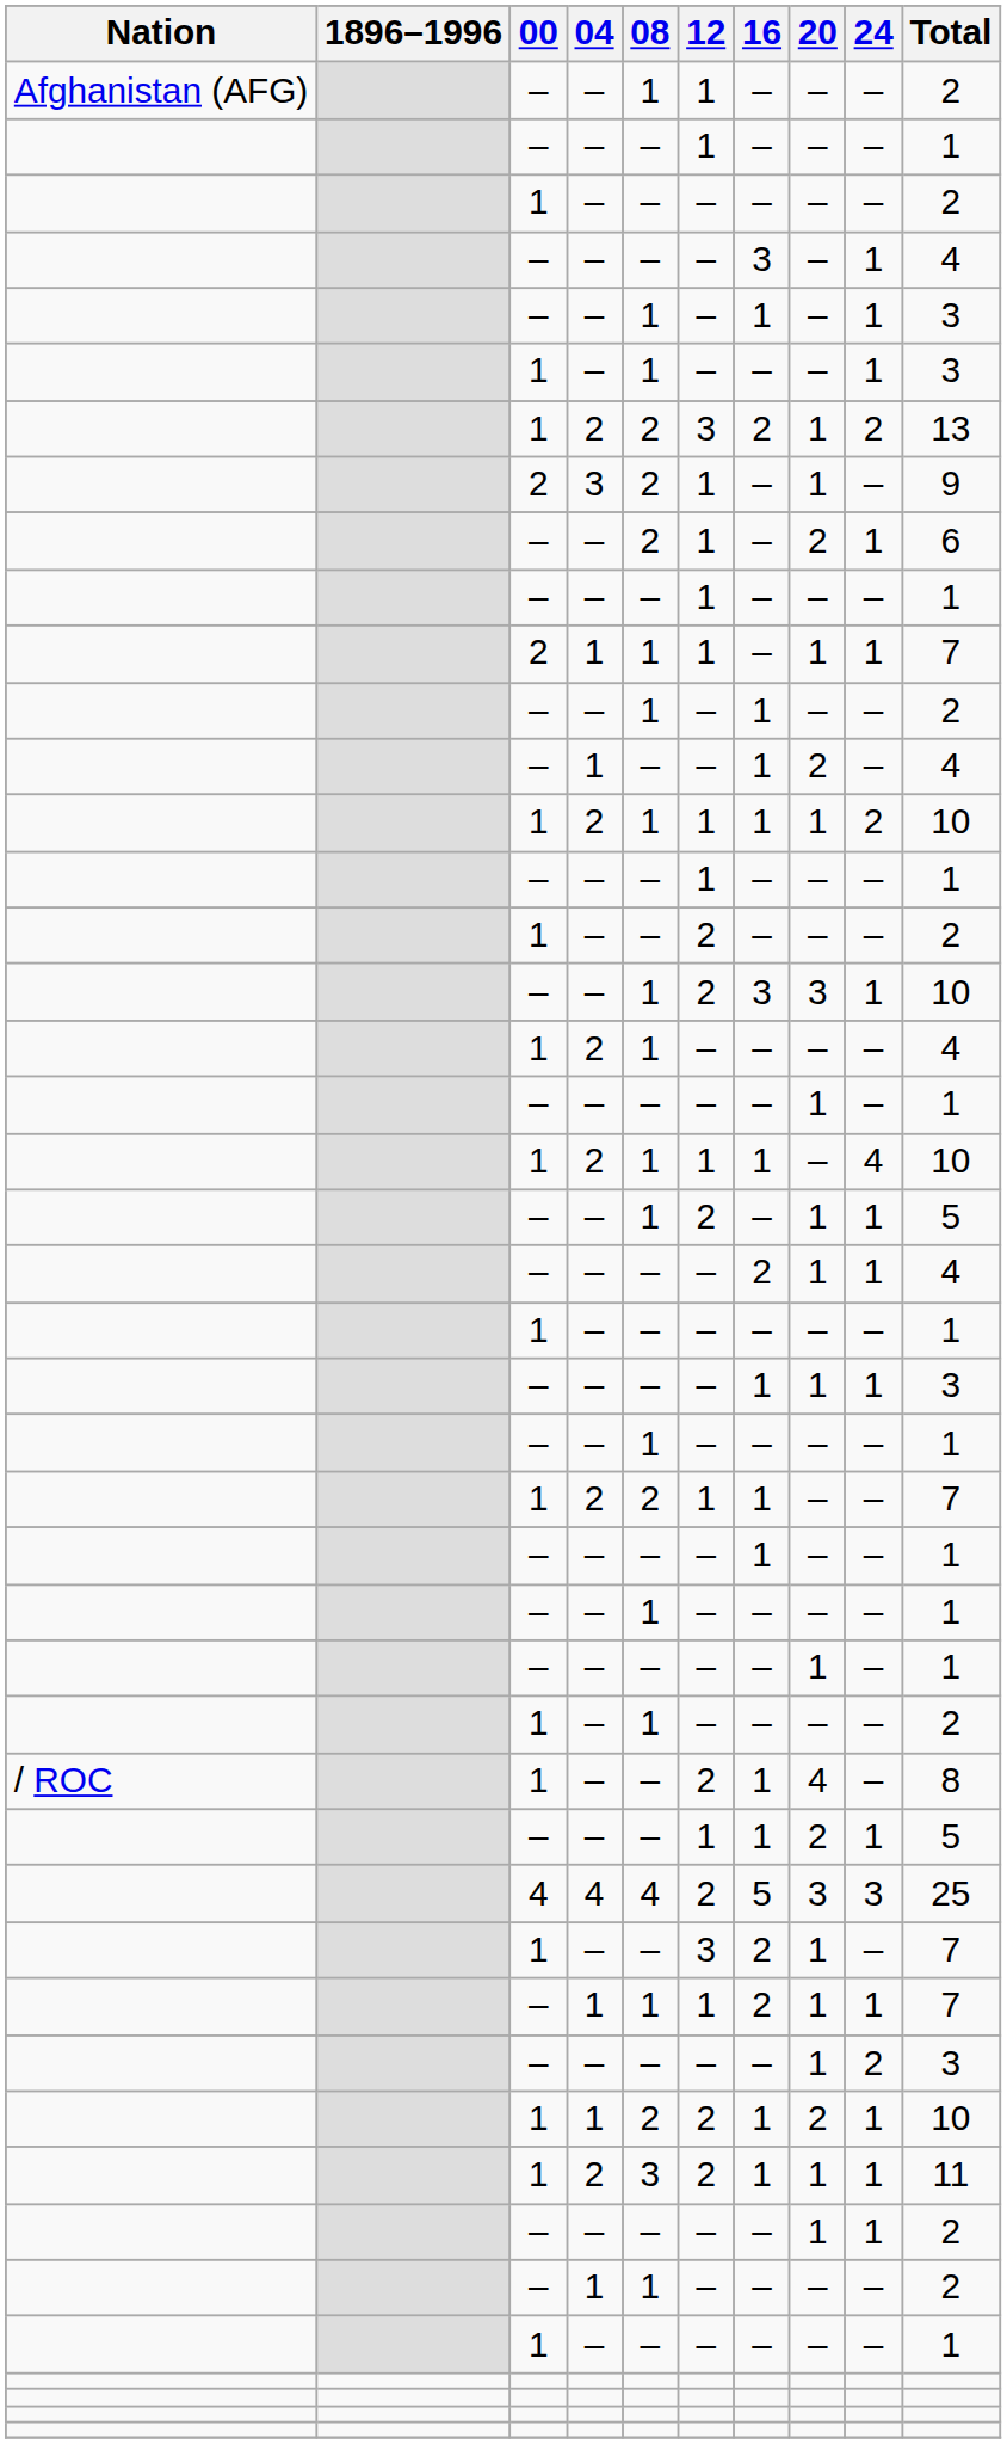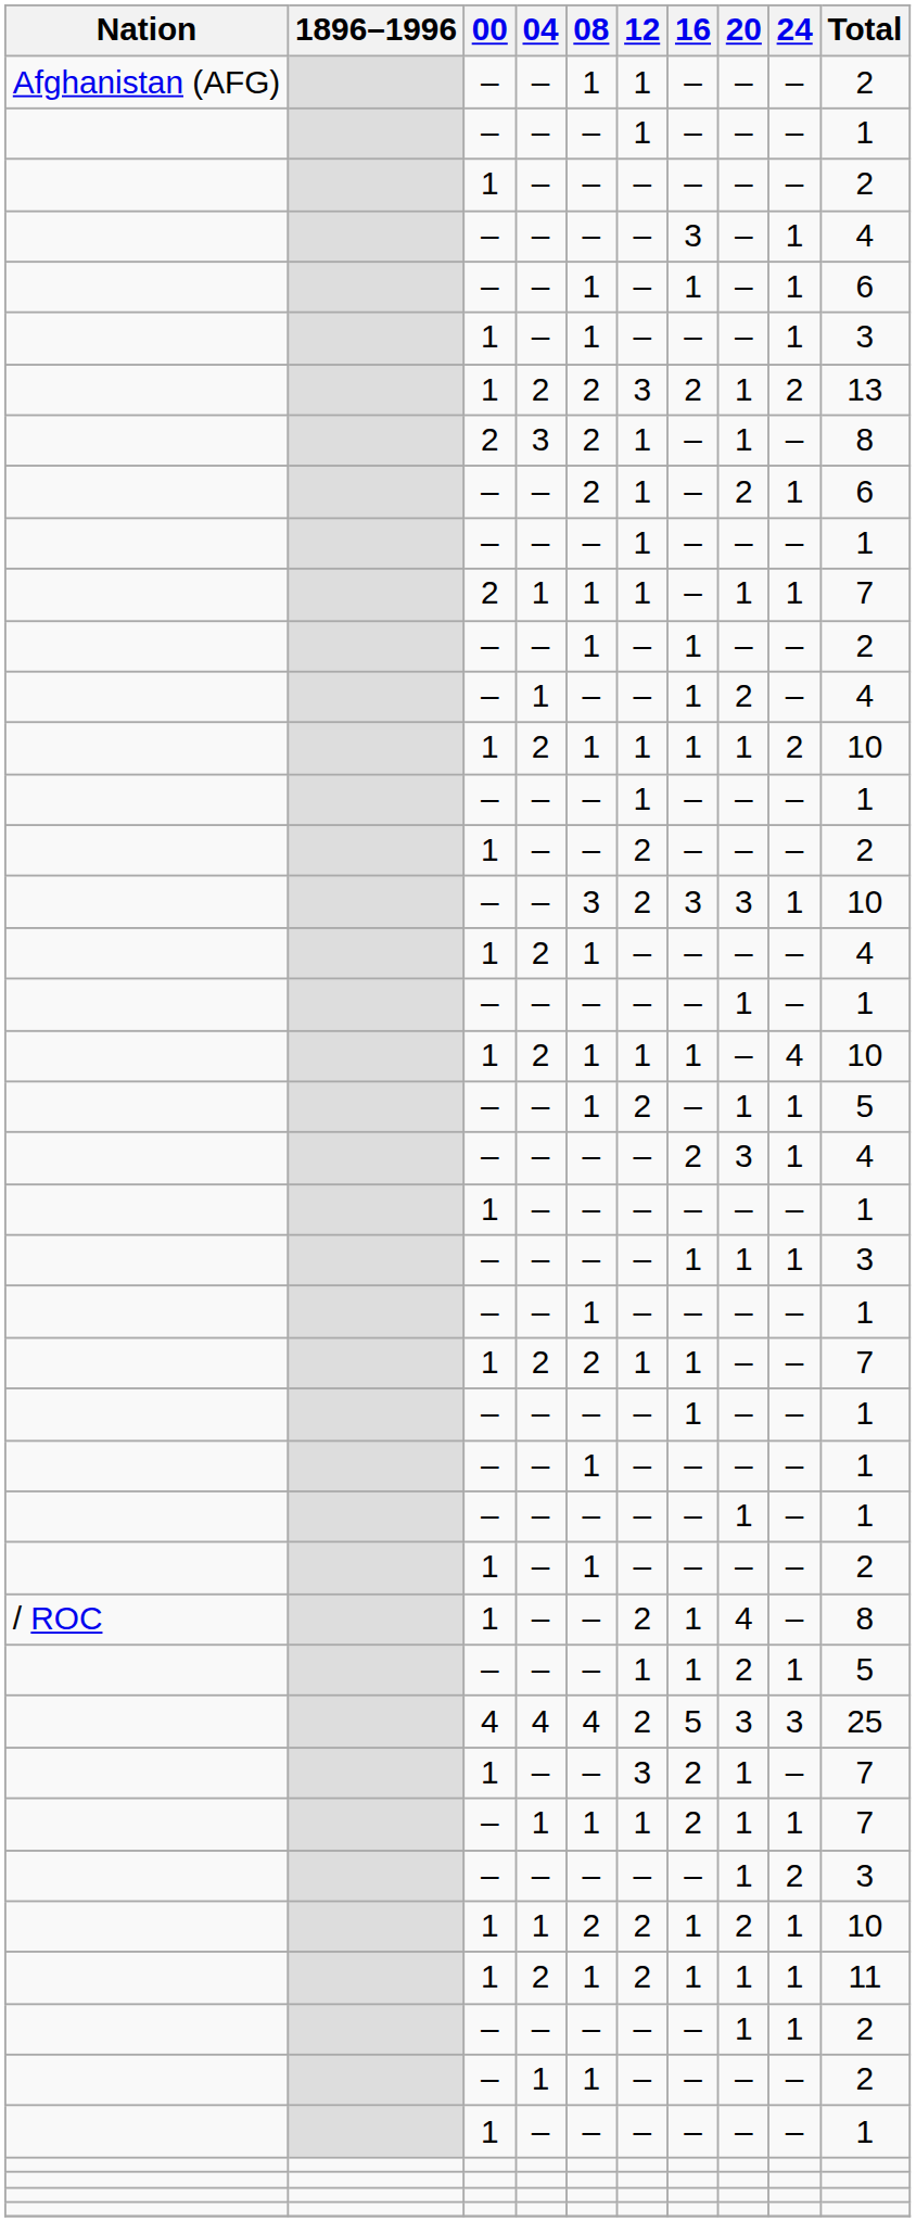 <table class="wikitable sortable" style="text-align:center">
 <tr>
 <th>Nation</th>
 <th class=unsortable><span>1896–1996</span></th>
 <th><a href='#'>00</a></th>
 <th><a href='#'>04</a></th>
 <th><a href='#'>08</a></th>
 <th><a href='#'>12</a></th>
 <th><a href='#'>16</a></th>
 <th><a href='#'>20</a></th>
 <th><a href='#'>24</a></th>
 <th>Total</th>
 </tr>
 <tr>
 <td align=left> <a href='#'>Afghanistan</a> (AFG)</td>
 <td style="background:#ddd"></td>
 <td>–</td>
 <td>–</td>
 <td>1</td>
 <td>1</td>
 <td>–</td>
 <td>–</td>
 <td>–</td>
 <td>2</td>
 </tr>
 <tr>
 <td align=left></td>
 <td style="background:#ddd"></td>
 <td>–</td>
 <td>–</td>
 <td>–</td>
 <td>1</td>
 <td>–</td>
 <td>–</td>
 <td>–</td>
 <td>1</td>
 </tr>
 <tr>
 <td align=left></td>
 <td style="background:#ddd"></td>
 <td>1</td>
 <td>–</td>
 <td>–</td>
 <td>–</td>
 <td>–</td>
 <td>–</td>
 <td>–</td>
 <td>2</td>
 </tr>
 <tr>
 <td align=left></td>
 <td style="background:#ddd"></td>
 <td>–</td>
 <td>–</td>
 <td>–</td>
 <td>–</td>
 <td>3</td>
 <td>–</td>
 <td>1</td>
 <td>4</td>
 </tr>
 <tr>
 <td align=left></td>
 <td style="background:#ddd"></td>
 <td>–</td>
 <td>–</td>
 <td>1</td>
 <td>–</td>
 <td>1</td>
 <td>–</td>
 <td>1</td>
-<td>3</td>
+<td>6</td>
 </tr>
 <tr>
 <td align=left></td>
 <td style="background:#ddd"></td>
 <td>1</td>
 <td>–</td>
 <td>1</td>
 <td>–</td>
 <td>–</td>
 <td>–</td>
 <td>1</td>
 <td>3</td>
 </tr>
 <tr>
 <td align=left></td>
 <td style="background:#ddd"></td>
 <td>1</td>
 <td>2</td>
 <td>2</td>
 <td>3</td>
 <td>2</td>
 <td>1</td>
 <td>2</td>
 <td>13</td>
 </tr>
 <tr>
 <td align=left></td>
 <td style="background:#ddd"></td>
 <td>2</td>
 <td>3</td>
 <td>2</td>
 <td>1</td>
 <td>–</td>
 <td>1</td>
 <td>–</td>
-<td>9</td>
+<td>8</td>
 </tr>
 <tr>
 <td align=left></td>
 <td style="background:#ddd"></td>
 <td>–</td>
 <td>–</td>
 <td>2</td>
 <td>1</td>
 <td>–</td>
 <td>2</td>
 <td>1</td>
 <td>6</td>
 </tr>
 <tr>
 <td align=left></td>
 <td style="background:#ddd"></td>
 <td>–</td>
 <td>–</td>
 <td>–</td>
 <td>1</td>
 <td>–</td>
 <td>–</td>
 <td>–</td>
 <td>1</td>
 </tr>
 <tr>
 <td align=left></td>
 <td style="background:#ddd"></td>
 <td>2</td>
 <td>1</td>
 <td>1</td>
 <td>1</td>
 <td>–</td>
 <td>1</td>
 <td>1</td>
 <td>7</td>
 </tr>
 <tr>
 <td align=left></td>
 <td style="background:#ddd"></td>
 <td>–</td>
 <td>–</td>
 <td>1</td>
 <td>–</td>
 <td>1</td>
 <td>–</td>
 <td>–</td>
 <td>2</td>
 </tr>
 <tr>
 <td align=left></td>
 <td style="background:#ddd"></td>
 <td>–</td>
 <td>1</td>
 <td>–</td>
 <td>–</td>
 <td>1</td>
 <td>2</td>
 <td>–</td>
 <td>4</td>
 </tr>
 <tr>
 <td align=left></td>
 <td style="background:#ddd"></td>
 <td>1</td>
 <td>2</td>
 <td>1</td>
 <td>1</td>
 <td>1</td>
 <td>1</td>
 <td>2</td>
 <td>10</td>
 </tr>
 <tr>
 <td align=left></td>
 <td style="background:#ddd"></td>
 <td>–</td>
 <td>–</td>
 <td>–</td>
 <td>1</td>
 <td>–</td>
 <td>–</td>
 <td>–</td>
 <td>1</td>
 </tr>
 <tr>
 <td align=left></td>
 <td style="background:#ddd"></td>
 <td>1</td>
 <td>–</td>
 <td>–</td>
 <td>2</td>
 <td>–</td>
 <td>–</td>
 <td>–</td>
 <td>2</td>
 </tr>
 <tr>
 <td align=left></td>
 <td style="background:#ddd"></td>
 <td>–</td>
 <td>–</td>
-<td>1</td>
+<td>3</td>
 <td>2</td>
 <td>3</td>
 <td>3</td>
 <td>1</td>
 <td>10</td>
 </tr>
 <tr>
 <td align=left></td>
 <td style="background:#ddd"></td>
 <td>1</td>
 <td>2</td>
 <td>1</td>
 <td>–</td>
 <td>–</td>
 <td>–</td>
 <td>–</td>
 <td>4</td>
 </tr>
 <tr>
 <td align=left></td>
 <td style="background:#ddd"></td>
 <td>–</td>
 <td>–</td>
 <td>–</td>
 <td>–</td>
 <td>–</td>
 <td>1</td>
 <td>–</td>
 <td>1</td>
 </tr>
 <tr>
 <td align=left></td>
 <td style="background:#ddd"></td>
 <td>1</td>
 <td>2</td>
 <td>1</td>
 <td>1</td>
 <td>1</td>
 <td>–</td>
 <td>4</td>
 <td>10</td>
 </tr>
 <tr>
 <td align=left></td>
 <td style="background:#ddd"></td>
 <td>–</td>
 <td>–</td>
 <td>1</td>
 <td>2</td>
 <td>–</td>
 <td>1</td>
 <td>1</td>
 <td>5</td>
 </tr>
 <tr>
 <td align=left></td>
 <td style="background:#ddd"></td>
 <td>–</td>
 <td>–</td>
 <td>–</td>
 <td>–</td>
 <td>2</td>
-<td>1</td>
+<td>3</td>
 <td>1</td>
 <td>4</td>
 </tr>
 <tr>
 <td align=left></td>
 <td style="background:#ddd"></td>
 <td>1</td>
 <td>–</td>
 <td>–</td>
 <td>–</td>
 <td>–</td>
 <td>–</td>
 <td>–</td>
 <td>1</td>
 </tr>
 <tr>
 <td align=left></td>
 <td style="background:#ddd"></td>
 <td>–</td>
 <td>–</td>
 <td>–</td>
 <td>–</td>
 <td>1</td>
 <td>1</td>
 <td>1</td>
 <td>3</td>
 </tr>
 <tr>
 <td align=left></td>
 <td style="background:#ddd"></td>
 <td>–</td>
 <td>–</td>
 <td>1</td>
 <td>–</td>
 <td>–</td>
 <td>–</td>
 <td>–</td>
 <td>1</td>
 </tr>
 <tr>
 <td align=left></td>
 <td style="background:#ddd"></td>
 <td>1</td>
 <td>2</td>
 <td>2</td>
 <td>1</td>
 <td>1</td>
 <td>–</td>
 <td>–</td>
 <td>7</td>
 </tr>
 <tr>
 <td align=left></td>
 <td style="background:#ddd"></td>
 <td>–</td>
 <td>–</td>
 <td>–</td>
 <td>–</td>
 <td>1</td>
 <td>–</td>
 <td>–</td>
 <td>1</td>
 </tr>
 <tr>
 <td align=left></td>
 <td style="background:#ddd"></td>
 <td>–</td>
 <td>–</td>
 <td>1</td>
 <td>–</td>
 <td>–</td>
 <td>–</td>
 <td>–</td>
 <td>1</td>
 </tr>
 <tr>
 <td align=left></td>
 <td style="background:#ddd"></td>
 <td>–</td>
 <td>–</td>
 <td>–</td>
 <td>–</td>
 <td>–</td>
 <td>1</td>
 <td>–</td>
 <td>1</td>
 </tr>
 <tr>
 <td align=left></td>
 <td style="background:#ddd"></td>
 <td>1</td>
 <td>–</td>
 <td>1</td>
 <td>–</td>
 <td>–</td>
 <td>–</td>
 <td>–</td>
 <td>2</td>
 </tr>
 <tr>
 <td align=left> / <a href='#'>ROC</a></td>
 <td style="background:#ddd"></td>
 <td>1</td>
 <td>–</td>
 <td>–</td>
 <td>2</td>
 <td>1</td>
 <td>4</td>
 <td>–</td>
 <td>8</td>
 </tr>
 <tr>
 <td align=left></td>
 <td style="background:#ddd"></td>
 <td>–</td>
 <td>–</td>
 <td>–</td>
 <td>1</td>
 <td>1</td>
 <td>2</td>
 <td>1</td>
 <td>5</td>
 </tr>
 <tr>
 <td align=left></td>
 <td style="background:#ddd"></td>
 <td>4</td>
 <td>4</td>
 <td>4</td>
 <td>2</td>
 <td>5</td>
 <td>3</td>
 <td>3</td>
 <td>25</td>
 </tr>
 <tr>
 <td align=left></td>
 <td style="background:#ddd"></td>
 <td>1</td>
 <td>–</td>
 <td>–</td>
 <td>3</td>
 <td>2</td>
 <td>1</td>
 <td>–</td>
 <td>7</td>
 </tr>
 <tr>
 <td align=left></td>
 <td style="background:#ddd"></td>
 <td>–</td>
 <td>1</td>
 <td>1</td>
 <td>1</td>
 <td>2</td>
 <td>1</td>
 <td>1</td>
 <td>7</td>
 </tr>
 <tr>
 <td align=left></td>
 <td style="background:#ddd"></td>
 <td>–</td>
 <td>–</td>
 <td>–</td>
 <td>–</td>
 <td>–</td>
 <td>1</td>
 <td>2</td>
 <td>3</td>
 </tr>
 <tr>
 <td align=left></td>
 <td style="background:#ddd"></td>
 <td>1</td>
 <td>1</td>
 <td>2</td>
 <td>2</td>
 <td>1</td>
 <td>2</td>
 <td>1</td>
 <td>10</td>
 </tr>
 <tr>
 <td align=left></td>
 <td style="background:#ddd"></td>
 <td>1</td>
 <td>2</td>
-<td>3</td>
+<td>1</td>
 <td>2</td>
 <td>1</td>
 <td>1</td>
 <td>1</td>
 <td>11</td>
 </tr>
 <tr>
 <td align=left></td>
 <td style="background:#ddd"></td>
 <td>–</td>
 <td>–</td>
 <td>–</td>
 <td>–</td>
 <td>–</td>
 <td>1</td>
 <td>1</td>
 <td>2</td>
 </tr>
 <tr>
 <td align=left></td>
 <td style="background:#ddd"></td>
 <td>–</td>
 <td>1</td>
 <td>1</td>
 <td>–</td>
 <td>–</td>
 <td>–</td>
 <td>–</td>
 <td>2</td>
 </tr>
 <tr>
 <td align=left></td>
 <td style="background:#ddd"></td>
 <td>1</td>
 <td>–</td>
 <td>–</td>
 <td>–</td>
 <td>–</td>
 <td>–</td>
 <td>–</td>
 <td>1</td>
 </tr>
 <tr>
 <td></td>
 <td></td>
 <td></td>
 <td></td>
 <td></td>
 <td></td>
 <td></td>
 <td></td>
 <td></td>
 <td></td>
 </tr>
 <tr>
 <td></td>
 <td></td>
 <td></td>
 <td></td>
 <td></td>
 <td></td>
 <td></td>
 <td></td>
 <td></td>
 <td></td>
 </tr>
 <tr>
 <td></td>
 <td></td>
 <td></td>
 <td></td>
 <td></td>
 <td></td>
 <td></td>
 <td></td>
 <td></td>
 <td></td>
 </tr>
 <tr>
 <td></td>
 <td></td>
 <td></td>
 <td></td>
 <td></td>
 <td></td>
 <td></td>
 <td></td>
 <td></td>
 <td></td>
 </tr>
 <tr>
 </tr>
 </table>
